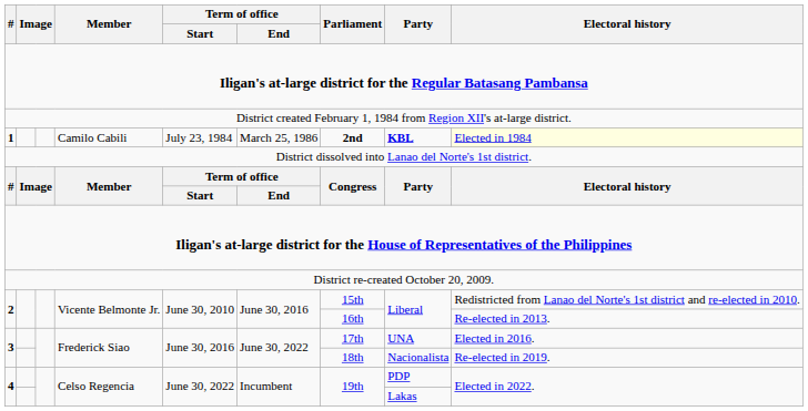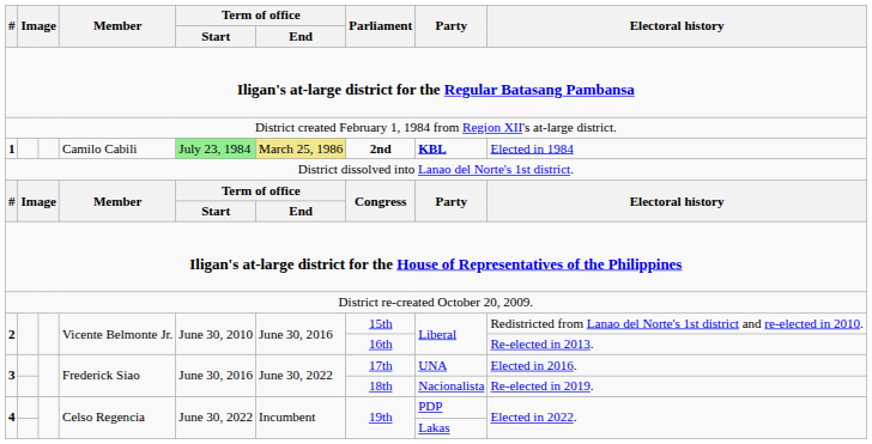 <table class="wikitable">
 <tr>
 <th rowspan="2">#</th>
 <th colspan="2" rowspan="2">Image</th>
 <th rowspan="2">Member</th>
 <th colspan="2">Term of office</th>
 <th rowspan="2">Parliament</th>
 <th rowspan="2">Party</th>
 <th rowspan="2">Electoral history</th>
 </tr>
 <tr>
 <th>Start</th>
 <th>End</th>
 </tr>
 <tr>
 <td colspan="10" style="text-align:center;"><br><h3>Iligan's at-large district for the <a href='#'>Regular Batasang Pambansa</a></h3></td>
 </tr>
 <tr>
 <td colspan="10" style="text-align:center;">District created February 1, 1984 from <a href='#'>Region XII</a>'s at-large district.</td>
 </tr>
 <tr>
 <td><strong>1</strong></td>
 <td style="color:inherit;background:"></td>
 <td></td>
 <td>Camilo Cabili</td>
-<td>July 23, 1984</td>
-<td>March 25, 1986</td>
+<td style="background: lightgreen;">July 23, 1984</td>
+<td style="background: khaki;">March 25, 1986</td>
 <td style="text-align:center;"><strong>2nd</strong></td>
 <td><strong><a href='#'>KBL</a></strong></td>
-<td style="background: lightyellow;"><a href='#'>Elected in 1984</a></td>
+<td><a href='#'>Elected in 1984</a></td>
 </tr>
 <tr>
 <td colspan="10" style="text-align:center;">District dissolved into <a href='#'>Lanao del Norte's 1st district</a>.</td>
 </tr>
 <tr>
 <th rowspan="2">#</th>
 <th colspan="2" rowspan="2">Image</th>
 <th rowspan="2">Member</th>
 <th colspan="2">Term of office</th>
 <th rowspan="2">Congress</th>
 <th rowspan="2">Party</th>
 <th rowspan="2">Electoral history</th>
 </tr>
 <tr>
 <th>Start</th>
 <th>End</th>
 </tr>
 <tr>
 <td colspan="10" style="text-align:center;"><br><h3>Iligan's at-large district for the <a href='#'>House of Representatives of the Philippines</a></h3></td>
 </tr>
 <tr>
 <td colspan="10" style="text-align:center;">District re-created October 20, 2009.</td>
 </tr>
 <tr>
 <td rowspan="2"><strong>2</strong></td>
 <td rowspan="2" style="color:inherit;background:"></td>
 <td rowspan="2"></td>
 <td rowspan="2">Vicente Belmonte Jr.</td>
 <td rowspan="2">June 30, 2010</td>
 <td rowspan="2">June 30, 2016</td>
 <td style="text-align:center;"><a href='#'>15th</a></td>
 <td rowspan="2"><a href='#'>Liberal</a></td>
 <td>Redistricted from <a href='#'>Lanao del Norte's 1st district</a> and <a href='#'>re-elected in 2010</a>.</td>
 </tr>
 <tr>
 <td style="text-align:center;"><a href='#'>16th</a></td>
 <td><a href='#'>Re-elected in 2013</a>.</td>
 </tr>
 <tr>
 <td rowspan="2"><strong>3</strong></td>
 <td style="color:inherit;background:"></td>
 <td rowspan="2"></td>
 <td rowspan="2">Frederick Siao</td>
 <td rowspan="2">June 30, 2016</td>
 <td rowspan="2">June 30, 2022</td>
 <td style="text-align:center;"><a href='#'>17th</a></td>
 <td><a href='#'>UNA</a></td>
 <td><a href='#'>Elected in 2016</a>.</td>
 </tr>
 <tr>
 <td style="color:inherit;background:"></td>
 <td style="text-align:center;"><a href='#'>18th</a></td>
 <td><a href='#'>Nacionalista</a></td>
 <td><a href='#'>Re-elected in 2019</a>.</td>
 </tr>
 <tr>
 <td rowspan="2"><strong>4</strong></td>
 <td style="color:inherit;background:"></td>
 <td rowspan="2"></td>
 <td rowspan="2">Celso Regencia</td>
 <td rowspan="2">June 30, 2022</td>
 <td rowspan="2">Incumbent</td>
 <td style="text-align:center;" rowspan="2"><a href='#'>19th</a></td>
 <td><a href='#'>PDP</a></td>
 <td rowspan="2"><a href='#'>Elected in 2022</a>.</td>
 </tr>
 <tr>
 <td style="color:inherit;background:"></td>
 <td><a href='#'>Lakas</a></td>
 </tr>
 </table>
